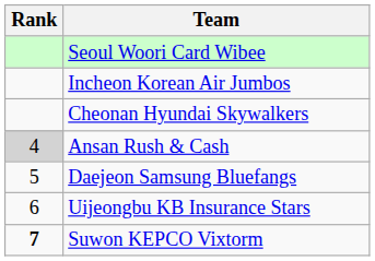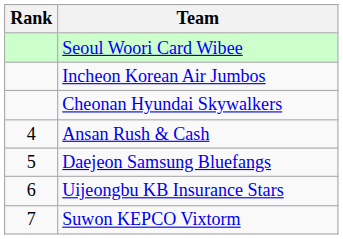 <table class="wikitable" style="text-align: center;">
 <tr>
 <th width=40>Rank</th>
 <th width=240>Team</th>
 </tr>
 <tr bgcolor=#ccffcc>
 <td></td>
 <td align=left><a href='#'>Seoul Woori Card Wibee</a></td>
 </tr>
 <tr>
 <td></td>
 <td align=left><a href='#'>Incheon Korean Air Jumbos</a></td>
 </tr>
 <tr>
 <td></td>
 <td align=left><a href='#'>Cheonan Hyundai Skywalkers</a></td>
 </tr>
 <tr>
-<td style="background: lightgrey;">4</td>
+<td>4</td>
 <td align=left><a href='#'>Ansan Rush & Cash</a></td>
 </tr>
 <tr>
 <td>5</td>
 <td align=left><a href='#'>Daejeon Samsung Bluefangs</a></td>
 </tr>
 <tr>
 <td>6</td>
 <td align=left><a href='#'>Uijeongbu KB Insurance Stars</a></td>
 </tr>
 <tr>
-<td><strong>7</strong></td>
+<td>7</td>
 <td align=left><a href='#'>Suwon KEPCO Vixtorm</a></td>
 </tr>
 </table>
